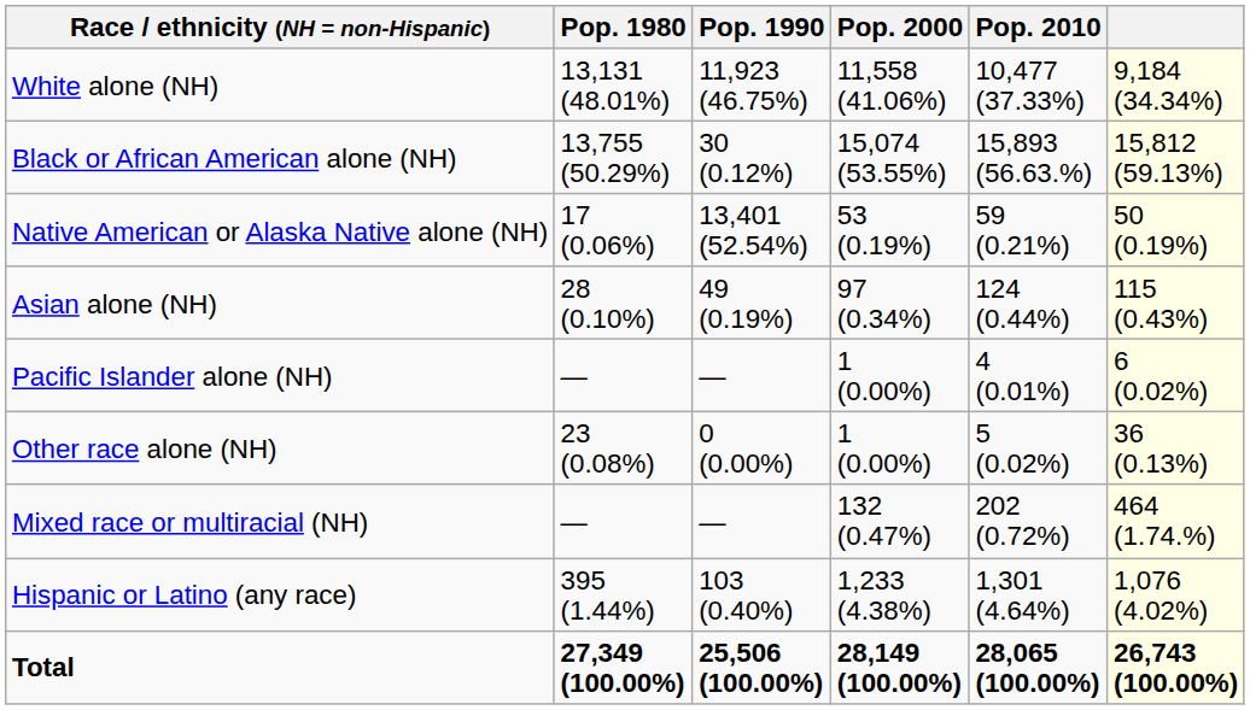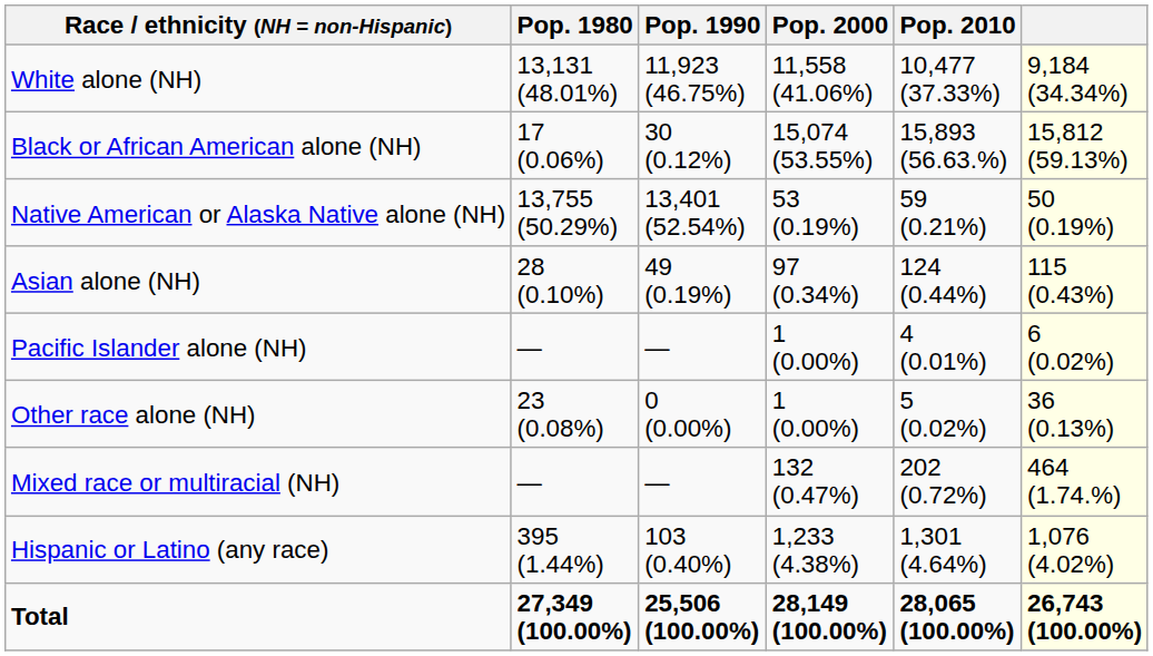 <table class="wikitable sortable collapsible" style="font-size: 95%;">
 <tr>
 <th>Race / ethnicity <small>(<em>NH = non-Hispanic</em>)</small></th>
 <th>Pop. 1980</th>
 <th>Pop. 1990</th>
 <th>Pop. 2000</th>
 <th>Pop. 2010</th>
 <th></th>
 </tr>
 <tr>
 <td><a href='#'>White</a> alone (NH)</td>
 <td>13,131<br>(48.01%)</td>
 <td>11,923<br>(46.75%)</td>
 <td>11,558<br>(41.06%)</td>
 <td>10,477<br>(37.33%)</td>
 <td style='background: #ffffe6;'>9,184<br>(34.34%)</td>
 </tr>
 <tr>
 <td><a href='#'>Black or African American</a> alone (NH)</td>
-<td>13,755<br>(50.29%)</td>
+<td>17<br>(0.06%)</td>
 <td>30<br>(0.12%)</td>
 <td>15,074<br>(53.55%)</td>
 <td>15,893<br>(56.63.%)</td>
 <td style='background: #ffffe6;'>15,812<br>(59.13%)</td>
 </tr>
 <tr>
 <td><a href='#'>Native American</a> or <a href='#'>Alaska Native</a> alone (NH)</td>
-<td>17<br>(0.06%)</td>
+<td>13,755<br>(50.29%)</td>
 <td>13,401<br>(52.54%)</td>
 <td>53<br>(0.19%)</td>
 <td>59<br>(0.21%)</td>
 <td style='background: #ffffe6;'>50<br>(0.19%)</td>
 </tr>
 <tr>
 <td><a href='#'>Asian</a> alone (NH)</td>
 <td>28<br>(0.10%)</td>
 <td>49<br>(0.19%)</td>
 <td>97<br>(0.34%)</td>
 <td>124<br>(0.44%)</td>
 <td style='background: #ffffe6;'>115<br>(0.43%)</td>
 </tr>
 <tr>
 <td><a href='#'>Pacific Islander</a> alone (NH)</td>
 <td>—</td>
 <td>—</td>
 <td>1<br>(0.00%)</td>
 <td>4<br>(0.01%)</td>
 <td style='background: #ffffe6;'>6<br>(0.02%)</td>
 </tr>
 <tr>
 <td><a href='#'>Other race</a> alone (NH)</td>
 <td>23<br>(0.08%)</td>
 <td>0<br>(0.00%)</td>
 <td>1<br>(0.00%)</td>
 <td>5<br>(0.02%)</td>
 <td style='background: #ffffe6;'>36<br>(0.13%)</td>
 </tr>
 <tr>
 <td><a href='#'>Mixed race or multiracial</a> (NH)</td>
 <td>—</td>
 <td>—</td>
 <td>132<br>(0.47%)</td>
 <td>202<br>(0.72%)</td>
 <td style='background: #ffffe6;'>464<br>(1.74.%)</td>
 </tr>
 <tr>
 <td><a href='#'>Hispanic or Latino</a> (any race)</td>
 <td>395<br>(1.44%)</td>
 <td>103<br>(0.40%)</td>
 <td>1,233<br>(4.38%)</td>
 <td>1,301<br>(4.64%)</td>
 <td style='background: #ffffe6;'>1,076<br>(4.02%)</td>
 </tr>
 <tr>
 <td><strong>Total</strong></td>
 <td><strong>27,349<br>(100.00%)</strong></td>
 <td><strong>25,506<br>(100.00%)</strong></td>
 <td><strong>28,149<br>(100.00%)</strong></td>
 <td><strong>28,065<br>(100.00%)</strong></td>
 <td style='background: #ffffe6;'><strong>26,743<br>(100.00%)</strong></td>
 </tr>
 </table>
